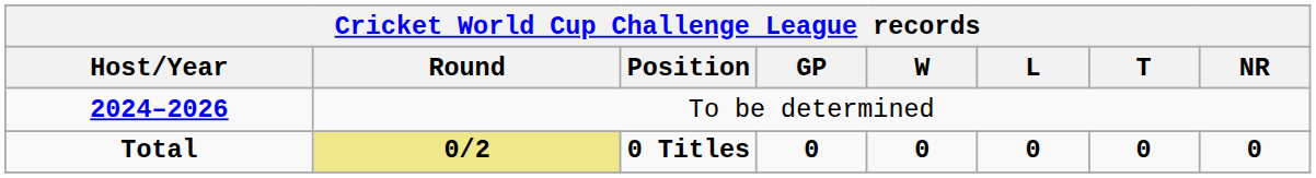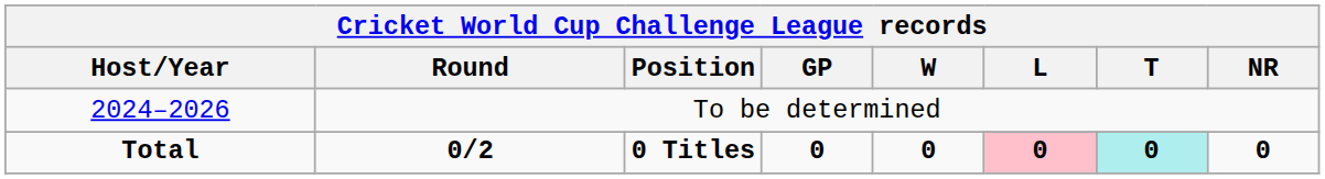 <table class="wikitable" style="text-align: center;">
 <tr>
 <th colspan=8><a href='#'>Cricket World Cup Challenge League</a> records</th>
 </tr>
 <tr>
 <th width=150>Host/Year</th>
 <th width=150>Round</th>
 <th width=50>Position</th>
 <th width=50>GP</th>
 <th width=50>W</th>
 <th width=50>L</th>
 <th width=50>T</th>
 <th width=50>NR</th>
 </tr>
 <tr>
-<td><strong><a href='#'>2024–2026</a></strong></td>
+<td><a href='#'>2024–2026</a></td>
 <td colspan=8>To be determined</td>
 </tr>
 <tr>
 <td><strong>Total</strong></td>
-<td style="background: khaki;"><strong>0/2</strong></td>
+<td><strong>0/2</strong></td>
 <td><strong>0 Titles</strong></td>
 <td><strong>0</strong></td>
 <td><strong>0</strong></td>
-<td><strong>0</strong></td>
-<td><strong>0</strong></td>
+<td style="background: pink;"><strong>0</strong></td>
+<td style="background: paleturquoise;"><strong>0</strong></td>
 <td><strong>0</strong></td>
 </tr>
 </table>
